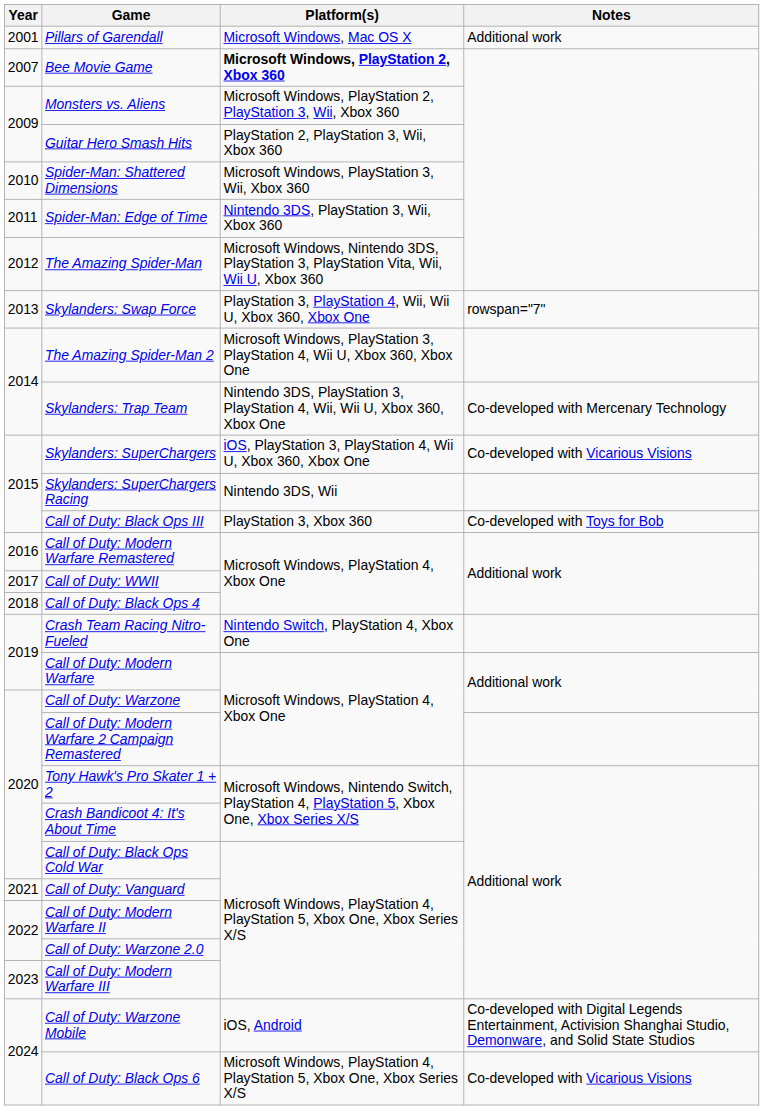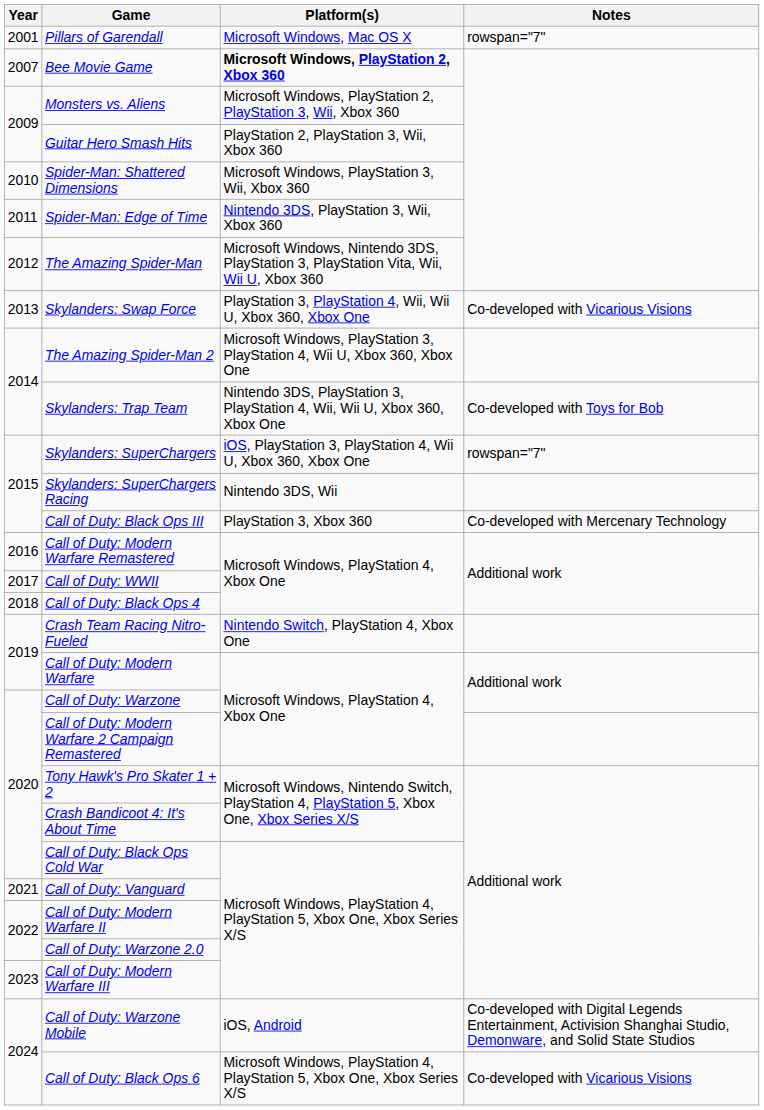 <table class="wikitable sortable">
 <tr>
 <th>Year</th>
 <th>Game</th>
 <th>Platform(s)</th>
 <th>Notes</th>
 </tr>
 <tr>
 <td>2001</td>
 <td><em><a href='#'>Pillars of Garendall</a></em></td>
 <td><a href='#'>Microsoft Windows</a>, <a href='#'>Mac OS X</a></td>
-<td>Additional work</td>
+<td>rowspan="7" </td>
 </tr>
 <tr>
 <td>2007</td>
 <td><em><a href='#'>Bee Movie Game</a></em></td>
 <td><strong>Microsoft Windows, <a href='#'>PlayStation 2</a>, <a href='#'>Xbox 360</a></strong></td>
 </tr>
 <tr>
 <td rowspan="2">2009</td>
 <td><em><a href='#'>Monsters vs. Aliens</a></em></td>
 <td>Microsoft Windows, PlayStation 2, <a href='#'>PlayStation 3</a>, <a href='#'>Wii</a>, Xbox 360</td>
 </tr>
 <tr>
 <td><em><a href='#'>Guitar Hero Smash Hits</a></em></td>
 <td>PlayStation 2, PlayStation 3, Wii, Xbox 360</td>
 </tr>
 <tr>
 <td>2010</td>
 <td><em><a href='#'>Spider-Man: Shattered Dimensions</a></em></td>
 <td>Microsoft Windows, PlayStation 3, Wii, Xbox 360</td>
 </tr>
 <tr>
 <td>2011</td>
 <td><em><a href='#'>Spider-Man: Edge of Time</a></em></td>
 <td><a href='#'>Nintendo 3DS</a>, PlayStation 3, Wii, Xbox 360</td>
 </tr>
 <tr>
 <td>2012</td>
 <td><em><a href='#'>The Amazing Spider-Man</a></em></td>
 <td>Microsoft Windows, Nintendo 3DS, PlayStation 3, PlayStation Vita, Wii, <a href='#'>Wii U</a>, Xbox 360</td>
 </tr>
 <tr>
 <td>2013</td>
 <td><em><a href='#'>Skylanders: Swap Force</a></em></td>
 <td>PlayStation 3, <a href='#'>PlayStation 4</a>, Wii, Wii U, Xbox 360, <a href='#'>Xbox One</a></td>
-<td>rowspan="7" </td>
+<td>Co-developed with <a href='#'>Vicarious Visions</a></td>
 </tr>
 <tr>
 <td rowspan="2">2014</td>
 <td><em><a href='#'>The Amazing Spider-Man 2</a></em></td>
 <td>Microsoft Windows, PlayStation 3, PlayStation 4, Wii U, Xbox 360, Xbox One</td>
 <td></td>
 </tr>
 <tr>
 <td><em><a href='#'>Skylanders: Trap Team</a></em></td>
 <td>Nintendo 3DS, PlayStation 3, PlayStation 4, Wii, Wii U, Xbox 360, Xbox One</td>
-<td>Co-developed with Mercenary Technology</td>
+<td>Co-developed with <a href='#'>Toys for Bob</a></td>
 </tr>
 <tr>
 <td rowspan="3">2015</td>
 <td><em><a href='#'>Skylanders: SuperChargers</a></em></td>
 <td><a href='#'>iOS</a>, PlayStation 3, PlayStation 4, Wii U, Xbox 360, Xbox One</td>
-<td>Co-developed with <a href='#'>Vicarious Visions</a></td>
+<td>rowspan="7" </td>
 </tr>
 <tr>
 <td><em><a href='#'>Skylanders: SuperChargers Racing</a></em></td>
 <td>Nintendo 3DS, Wii</td>
 <td></td>
 </tr>
 <tr>
 <td><em><a href='#'>Call of Duty: Black Ops III</a></em></td>
 <td>PlayStation 3, Xbox 360</td>
-<td>Co-developed with <a href='#'>Toys for Bob</a></td>
+<td>Co-developed with Mercenary Technology</td>
 </tr>
 <tr>
 <td>2016</td>
 <td><em><a href='#'>Call of Duty: Modern Warfare Remastered</a></em></td>
 <td rowspan="3">Microsoft Windows, PlayStation 4, Xbox One</td>
 <td rowspan="3">Additional work</td>
 </tr>
 <tr>
 <td>2017</td>
 <td><em><a href='#'>Call of Duty: WWII</a></em></td>
 </tr>
 <tr>
 <td>2018</td>
 <td><em><a href='#'>Call of Duty: Black Ops 4</a></em></td>
 </tr>
 <tr>
 <td rowspan="2">2019</td>
 <td><em><a href='#'>Crash Team Racing Nitro-Fueled</a></em></td>
 <td><a href='#'>Nintendo Switch</a>, PlayStation 4, Xbox One</td>
 <td></td>
 </tr>
 <tr>
 <td><em><a href='#'>Call of Duty: Modern Warfare</a></em></td>
 <td rowspan="3">Microsoft Windows, PlayStation 4, Xbox One</td>
 <td rowspan="2">Additional work</td>
 </tr>
 <tr>
 <td rowspan="5">2020</td>
 <td><em><a href='#'>Call of Duty: Warzone</a></em></td>
 </tr>
 <tr>
 <td><em><a href='#'>Call of Duty: Modern Warfare 2 Campaign Remastered</a></em></td>
 <td></td>
 </tr>
 <tr>
 <td><em><a href='#'>Tony Hawk's Pro Skater 1 + 2</a></em></td>
 <td rowspan="2">Microsoft Windows, Nintendo Switch, PlayStation 4, <a href='#'>PlayStation 5</a>, Xbox One, <a href='#'>Xbox Series X/S</a></td>
 <td rowspan="7">Additional work</td>
 </tr>
 <tr>
 <td><em><a href='#'>Crash Bandicoot 4: It's About Time</a></em></td>
 </tr>
 <tr>
 <td><em><a href='#'>Call of Duty: Black Ops Cold War</a></em></td>
 <td rowspan="5">Microsoft Windows, PlayStation 4, PlayStation 5, Xbox One, Xbox Series X/S</td>
 </tr>
 <tr>
 <td>2021</td>
 <td><em><a href='#'>Call of Duty: Vanguard</a></em></td>
 </tr>
 <tr>
 <td rowspan="2">2022</td>
 <td><a href='#'><em>Call of Duty: Modern Warfare II</em></a></td>
 </tr>
 <tr>
 <td><em><a href='#'>Call of Duty: Warzone 2.0</a></em></td>
 </tr>
 <tr>
 <td>2023</td>
 <td><em><a href='#'>Call of Duty: Modern Warfare III</a></em></td>
 </tr>
 <tr>
 <td rowspan="2">2024</td>
 <td><em><a href='#'>Call of Duty: Warzone Mobile</a></em></td>
 <td>iOS, <a href='#'>Android</a></td>
 <td>Co-developed with Digital Legends Entertainment, Activision Shanghai Studio, <a href='#'>Demonware</a>, and Solid State Studios</td>
 </tr>
 <tr>
 <td><em><a href='#'>Call of Duty: Black Ops 6</a></em></td>
 <td>Microsoft Windows, PlayStation 4, PlayStation 5, Xbox One, Xbox Series X/S</td>
 <td>Co-developed with <a href='#'>Vicarious Visions</a></td>
 </tr>
 </table>
